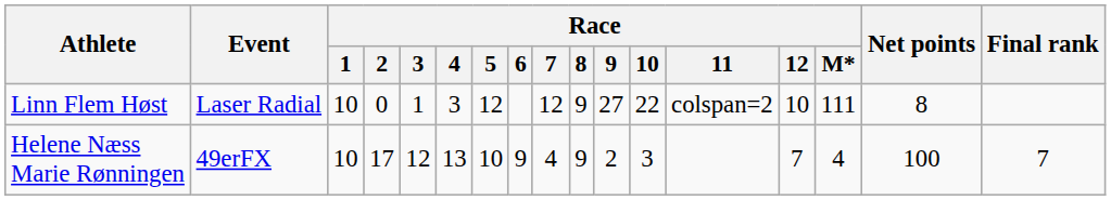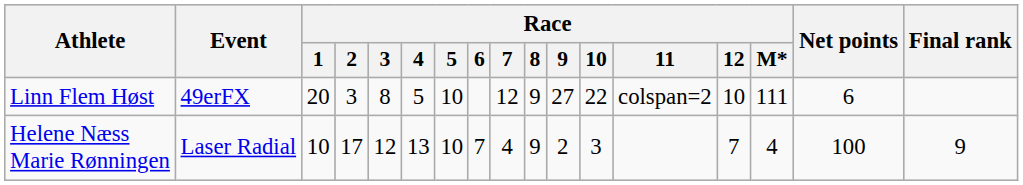 <table class="wikitable" style="font-size:90%">
 <tr>
 <th rowspan="2">Athlete</th>
 <th rowspan="2">Event</th>
 <th colspan=13>Race</th>
 <th rowspan=2>Net points</th>
 <th rowspan=2>Final rank</th>
 </tr>
 <tr style="font-size:95%">
 <th>1</th>
 <th>2</th>
 <th>3</th>
 <th>4</th>
 <th>5</th>
 <th>6</th>
 <th>7</th>
 <th>8</th>
 <th>9</th>
 <th>10</th>
 <th>11</th>
 <th>12</th>
 <th>M*</th>
 </tr>
 <tr align=center>
 <td align=left><a href='#'>Linn Flem Høst</a></td>
-<td align=left><a href='#'>Laser Radial</a></td>
+<td align=left><a href='#'>49erFX</a></td>
+<td>20</td>
+<td>3</td>
+<td>8</td>
+<td>5</td>
 <td>10</td>
-<td>0</td>
-<td>1</td>
-<td>3</td>
-<td>12</td>
 <td></td>
 <td>12</td>
 <td>9</td>
 <td>27</td>
 <td>22</td>
 <td>colspan=2 </td>
 <td>10</td>
 <td>111</td>
-<td>8</td>
+<td>6</td>
 </tr>
 <tr align=center>
 <td align=left><a href='#'>Helene Næss</a><br><a href='#'>Marie Rønningen</a></td>
-<td align=left><a href='#'>49erFX</a></td>
+<td align=left><a href='#'>Laser Radial</a></td>
 <td>10</td>
 <td>17</td>
 <td>12</td>
 <td>13</td>
 <td>10</td>
-<td>9</td>
+<td>7</td>
 <td>4</td>
 <td>9</td>
 <td>2</td>
 <td>3</td>
 <td></td>
 <td>7</td>
 <td>4</td>
 <td>100</td>
-<td>7</td>
+<td>9</td>
 </tr>
 </table>
